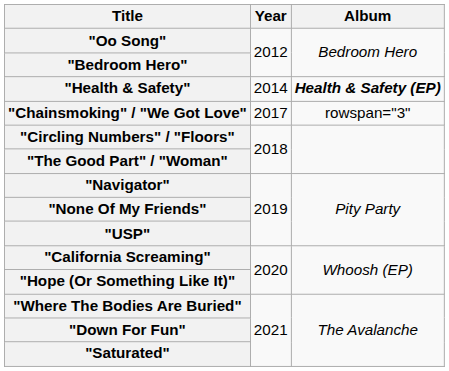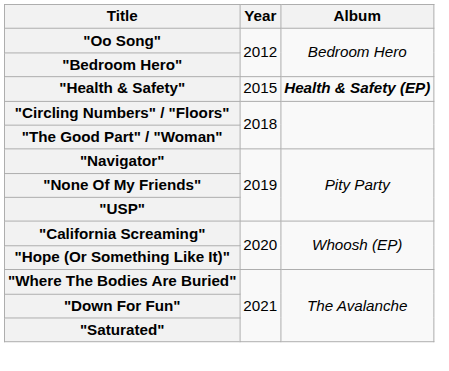 <table class="wikitable plainrowheaders" style="text-align:center">
 <tr>
 <th scope="col">Title</th>
 <th scope="col">Year</th>
 <th scope="col">Album</th>
 </tr>
 <tr>
 <th scope="row">"Oo Song"</th>
 <td rowspan="2">2012</td>
 <td rowspan="2"><em>Bedroom Hero</em></td>
 </tr>
 <tr>
 <th scope="row">"Bedroom Hero"</th>
 </tr>
 <tr>
 <th scope="row">"Health & Safety"</th>
-<td>2014</td>
+<td>2015</td>
 <td><strong><em>Health & Safety (EP)</em></strong></td>
-</tr>
-<tr>
-<th scope="row">"Chainsmoking" / "We Got Love"</th>
-<td>2017</td>
-<td>rowspan="3" </td>
 </tr>
 <tr>
 <th scope="row">"Circling Numbers" / "Floors"</th>
 <td rowspan="2">2018</td>
 </tr>
 <tr>
 <th scope="row">"The Good Part" / "Woman"</th>
 </tr>
 <tr>
 <th scope="row">"Navigator"</th>
 <td rowspan="3">2019</td>
 <td rowspan="3"><em>Pity Party</em></td>
 </tr>
 <tr>
 <th scope="row">"None Of My Friends"</th>
 </tr>
 <tr>
 <th scope="row">"USP"</th>
 </tr>
 <tr>
 <th scope="row">"California Screaming"</th>
 <td rowspan="2">2020</td>
 <td rowspan="2"><em>Whoosh (EP)</em></td>
 </tr>
 <tr>
 <th scope="row">"Hope (Or Something Like It)"</th>
 </tr>
 <tr>
 <th scope="row">"Where The Bodies Are Buried"</th>
 <td rowspan="3">2021</td>
 <td rowspan="3"><em>The Avalanche</em></td>
 </tr>
 <tr>
 <th scope="row">"Down For Fun"</th>
 </tr>
 <tr>
 <th scope="row">"Saturated"</th>
 </tr>
 </table>
